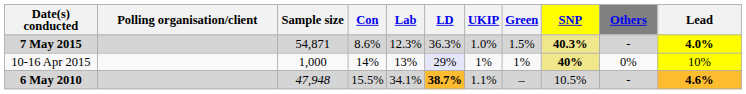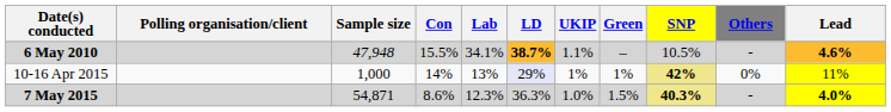 <table class="wikitable sortable" style="text-align:center;font-size:90%;line-height:14px">
 <tr>
 <th ! style="width:100px;">Date(s)<br>conducted</th>
 <th style="width:200px;">Polling organisation/client</th>
 <th class="unsortable" style="width:75px;">Sample size</th>
 <th class="unsortable" style="background:"><a href='#'><span>Con</span></a></th>
 <th class="unsortable" style="background:"><a href='#'><span>Lab</span></a></th>
 <th class="unsortable" style="background:"><a href='#'><span>LD</span></a></th>
 <th class="unsortable" style="background:"><a href='#'><span>UKIP</span></a></th>
 <th class="unsortable" style="background:"><a href='#'><span>Green</span></a></th>
 <th class="unsortable" style="background:#ffff00; width:60px;"><a href='#'><span>SNP</span></a></th>
 <th class="unsortable" style="background:gray; width:60px;"><a href='#'><span>Others</span></a></th>
 <th class="unsortable" style="width:90px;">Lead</th>
 </tr>
 <tr>
+<td style="background:#D5D5D5"><strong>6 May 2010</strong></td>
+<td style="background:#D5D5D5"></td>
+<td style="background:#D5D5D5"><em>47,948</em></td>
+<td style="background:#D5D5D5">15.5%</td>
+<td style="background:#D5D5D5">34.1%</td>
+<td style="background:#fdbb30"><strong>38.7%</strong></td>
+<td style="background:#D5D5D5">1.1%</td>
+<td style="background:#D5D5D5">–</td>
+<td style="background:#D5D5D5">10.5%</td>
+<td style="background:#D5D5D5">-</td>
+<td style="background:#fdbb30"><span><strong>4.6% </strong></span></td>
+</tr>
+<tr>
+<td>10-16 Apr 2015</td>
+<td> </td>
+<td>1,000</td>
+<td>14%</td>
+<td>13%</td>
+<td style="background: lavender;">29%</td>
+<td>1%</td>
+<td>1%</td>
+<td style="background:khaki"><strong>42%</strong></td>
+<td>0%</td>
+<td style="background:#ff0"><span>11% </span></td>
+</tr>
+<tr>
 <td style="background:#D5D5D5"><strong>7 May 2015</strong></td>
 <td style="background:#D5D5D5"></td>
 <td style="background:#D5D5D5">54,871</td>
 <td style="background:#D5D5D5">8.6%</td>
 <td style="background:#D5D5D5">12.3%</td>
 <td style="background:#D5D5D5">36.3%</td>
 <td style="background:#D5D5D5">1.0%</td>
 <td style="background:#D5D5D5">1.5%</td>
 <td style="background:khaki"><strong>40.3%</strong></td>
 <td style="background:#D5D5D5">-</td>
 <td style="background:#ff0"><span><strong>4.0% </strong></span></td>
 </tr>
-<tr>
-<td>10-16 Apr 2015</td>
-<td> </td>
-<td>1,000</td>
-<td>14%</td>
-<td>13%</td>
-<td style="background: lavender;">29%</td>
-<td>1%</td>
-<td>1%</td>
-<td style="background:khaki"><strong>40%</strong></td>
-<td>0%</td>
-<td style="background:#ff0"><span>10% </span></td>
-</tr>
-<tr>
-<td style="background:#D5D5D5"><strong>6 May 2010</strong></td>
-<td style="background:#D5D5D5"></td>
-<td style="background:#D5D5D5"><em>47,948</em></td>
-<td style="background:#D5D5D5">15.5%</td>
-<td style="background:#D5D5D5">34.1%</td>
-<td style="background:#fdbb30"><strong>38.7%</strong></td>
-<td style="background:#D5D5D5">1.1%</td>
-<td style="background:#D5D5D5">–</td>
-<td style="background:#D5D5D5">10.5%</td>
-<td style="background:#D5D5D5">-</td>
-<td style="background:#fdbb30"><span><strong>4.6% </strong></span></td>
-</tr>
 </table>
